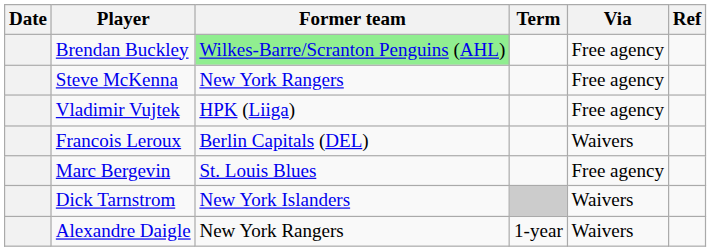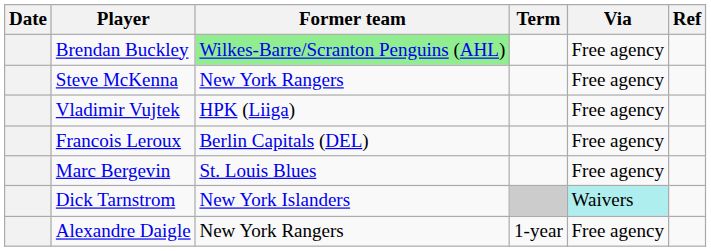 <table class="wikitable plainrowheaders">
 <tr style="background:#ddd; text-align:center;">
 <th>Date</th>
 <th>Player</th>
 <th>Former team</th>
 <th>Term</th>
 <th>Via</th>
 <th>Ref</th>
 </tr>
 <tr>
 <th scope="row"></th>
 <td><a href='#'>Brendan Buckley</a></td>
 <td style="background: lightgreen;"><a href='#'>Wilkes-Barre/Scranton Penguins</a> (<a href='#'>AHL</a>)</td>
 <td></td>
 <td>Free agency</td>
 <td></td>
 </tr>
 <tr>
 <th scope="row"></th>
 <td><a href='#'>Steve McKenna</a></td>
 <td><a href='#'>New York Rangers</a></td>
 <td></td>
 <td>Free agency</td>
 <td></td>
 </tr>
 <tr>
 <th scope="row"></th>
 <td><a href='#'>Vladimir Vujtek</a></td>
 <td><a href='#'>HPK</a> (<a href='#'>Liiga</a>)</td>
 <td></td>
 <td>Free agency</td>
 <td></td>
 </tr>
 <tr>
 <th scope="row"></th>
 <td><a href='#'>Francois Leroux</a></td>
 <td><a href='#'>Berlin Capitals</a> (<a href='#'>DEL</a>)</td>
 <td></td>
-<td>Waivers</td>
+<td>Free agency</td>
 <td></td>
 </tr>
 <tr>
 <th scope="row"></th>
 <td><a href='#'>Marc Bergevin</a></td>
 <td><a href='#'>St. Louis Blues</a></td>
 <td></td>
 <td>Free agency</td>
 <td></td>
 </tr>
 <tr>
 <th scope="row"></th>
 <td><a href='#'>Dick Tarnstrom</a></td>
 <td><a href='#'>New York Islanders</a></td>
 <td style="background:#ccc"></td>
-<td>Waivers</td>
+<td style="background: paleturquoise;">Waivers</td>
 <td></td>
 </tr>
 <tr>
 <th scope="row"></th>
 <td><a href='#'>Alexandre Daigle</a></td>
 <td>New York Rangers</td>
 <td>1-year</td>
-<td>Waivers</td>
+<td>Free agency</td>
 <td></td>
 </tr>
 </table>
